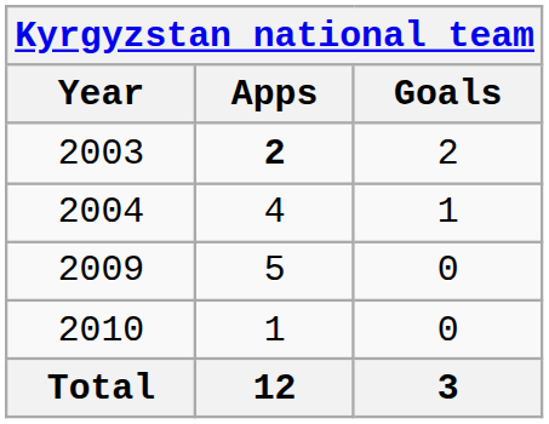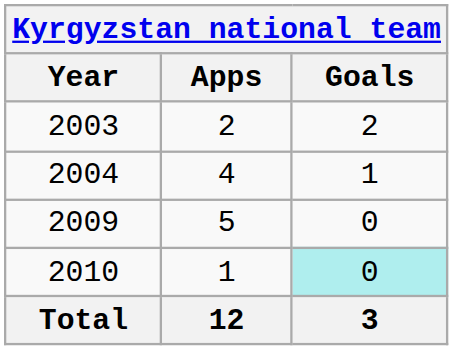 <table class="wikitable" style="text-align:center">
 <tr>
 <th colspan=3><a href='#'>Kyrgyzstan national team</a></th>
 </tr>
 <tr>
 <th>Year</th>
 <th>Apps</th>
 <th>Goals</th>
 </tr>
 <tr>
 <td>2003</td>
-<td><strong>2</strong></td>
+<td>2</td>
 <td>2</td>
 </tr>
 <tr>
 <td>2004</td>
 <td>4</td>
 <td>1</td>
 </tr>
 <tr>
 <td>2009</td>
 <td>5</td>
 <td>0</td>
 </tr>
 <tr>
 <td>2010</td>
 <td>1</td>
-<td>0</td>
+<td style="background: paleturquoise;">0</td>
 </tr>
 <tr>
 <th>Total</th>
 <th>12</th>
 <th>3</th>
 </tr>
 </table>
